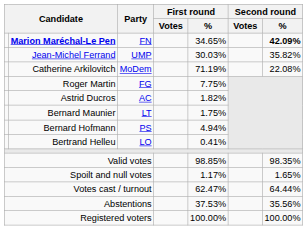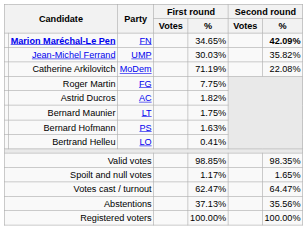 <table class="wikitable" style="text-align:right;font-size:95%;">
 <tr>
 <th rowspan=2 colspan=2>Candidate</th>
 <th rowspan=2 colspan=1>Party</th>
 <th colspan=2>First round</th>
 <th colspan=2>Second round</th>
 </tr>
 <tr>
 <th style="width:50px;">Votes</th>
 <th style="width:55px;">%</th>
 <th style="width:50px;">Votes</th>
 <th style="width:55px;">%</th>
 </tr>
 <tr>
 <td style="background-color:"></td>
 <td><strong><a href='#'>Marion Maréchal-Le Pen</a></strong></td>
 <td><a href='#'>FN</a></td>
 <td></td>
 <td>34.65%</td>
 <td><strong></strong></td>
 <td><strong>42.09%</strong></td>
 </tr>
 <tr>
 <td style="background-color:"></td>
 <td><a href='#'>Jean-Michel Ferrand</a></td>
 <td><a href='#'>UMP</a></td>
 <td></td>
 <td>30.03%</td>
 <td></td>
 <td>35.82%</td>
 </tr>
 <tr>
 <td style="background-color:"></td>
 <td>Catherine Arkilovitch</td>
 <td><a href='#'>MoDem</a></td>
 <td></td>
 <td>71.19%</td>
 <td></td>
 <td>22.08%</td>
 </tr>
 <tr>
 <td style="background-color:"></td>
 <td>Roger Martin</td>
 <td><a href='#'>FG</a></td>
 <td></td>
 <td>7.75%</td>
 <td colspan=7 rowspan=5 style="background-color:#E9E9E9;"></td>
 </tr>
 <tr>
 <td style="background-color:"></td>
 <td>Astrid Ducros</td>
 <td><a href='#'>AC</a></td>
 <td></td>
 <td>1.82%</td>
 </tr>
 <tr>
 <td style="background-color:"></td>
 <td>Bernard Maunier</td>
 <td><a href='#'>LT</a></td>
 <td></td>
 <td>1.75%</td>
 </tr>
 <tr>
 <td style="background-color:"></td>
 <td>Bernard Hofmann</td>
 <td><a href='#'>PS</a></td>
 <td></td>
-<td>4.94%</td>
+<td>1.63%</td>
 </tr>
 <tr>
 <td style="background-color:"></td>
 <td>Bertrand Helleu</td>
 <td><a href='#'>LO</a></td>
 <td></td>
 <td>0.41%</td>
 </tr>
 <tr>
 <td colspan=7 style="background-color:#E9E9E9;"></td>
 </tr>
 <tr>
 <td colspan=3>Valid votes</td>
 <td></td>
 <td>98.85%</td>
 <td></td>
 <td>98.35%</td>
 </tr>
 <tr>
 <td colspan=3>Spoilt and null votes</td>
 <td></td>
 <td>1.17%</td>
 <td></td>
 <td>1.65%</td>
 </tr>
 <tr>
 <td colspan=3>Votes cast / turnout</td>
 <td></td>
 <td>62.47%</td>
 <td></td>
-<td>64.44%</td>
+<td>64.47%</td>
 </tr>
 <tr>
 <td colspan=3>Abstentions</td>
 <td></td>
-<td>37.53%</td>
+<td>37.13%</td>
 <td></td>
 <td>35.56%</td>
 </tr>
 <tr>
 <td colspan=3>Registered voters</td>
 <td></td>
 <td>100.00%</td>
 <td></td>
 <td>100.00%</td>
 </tr>
 </table>
